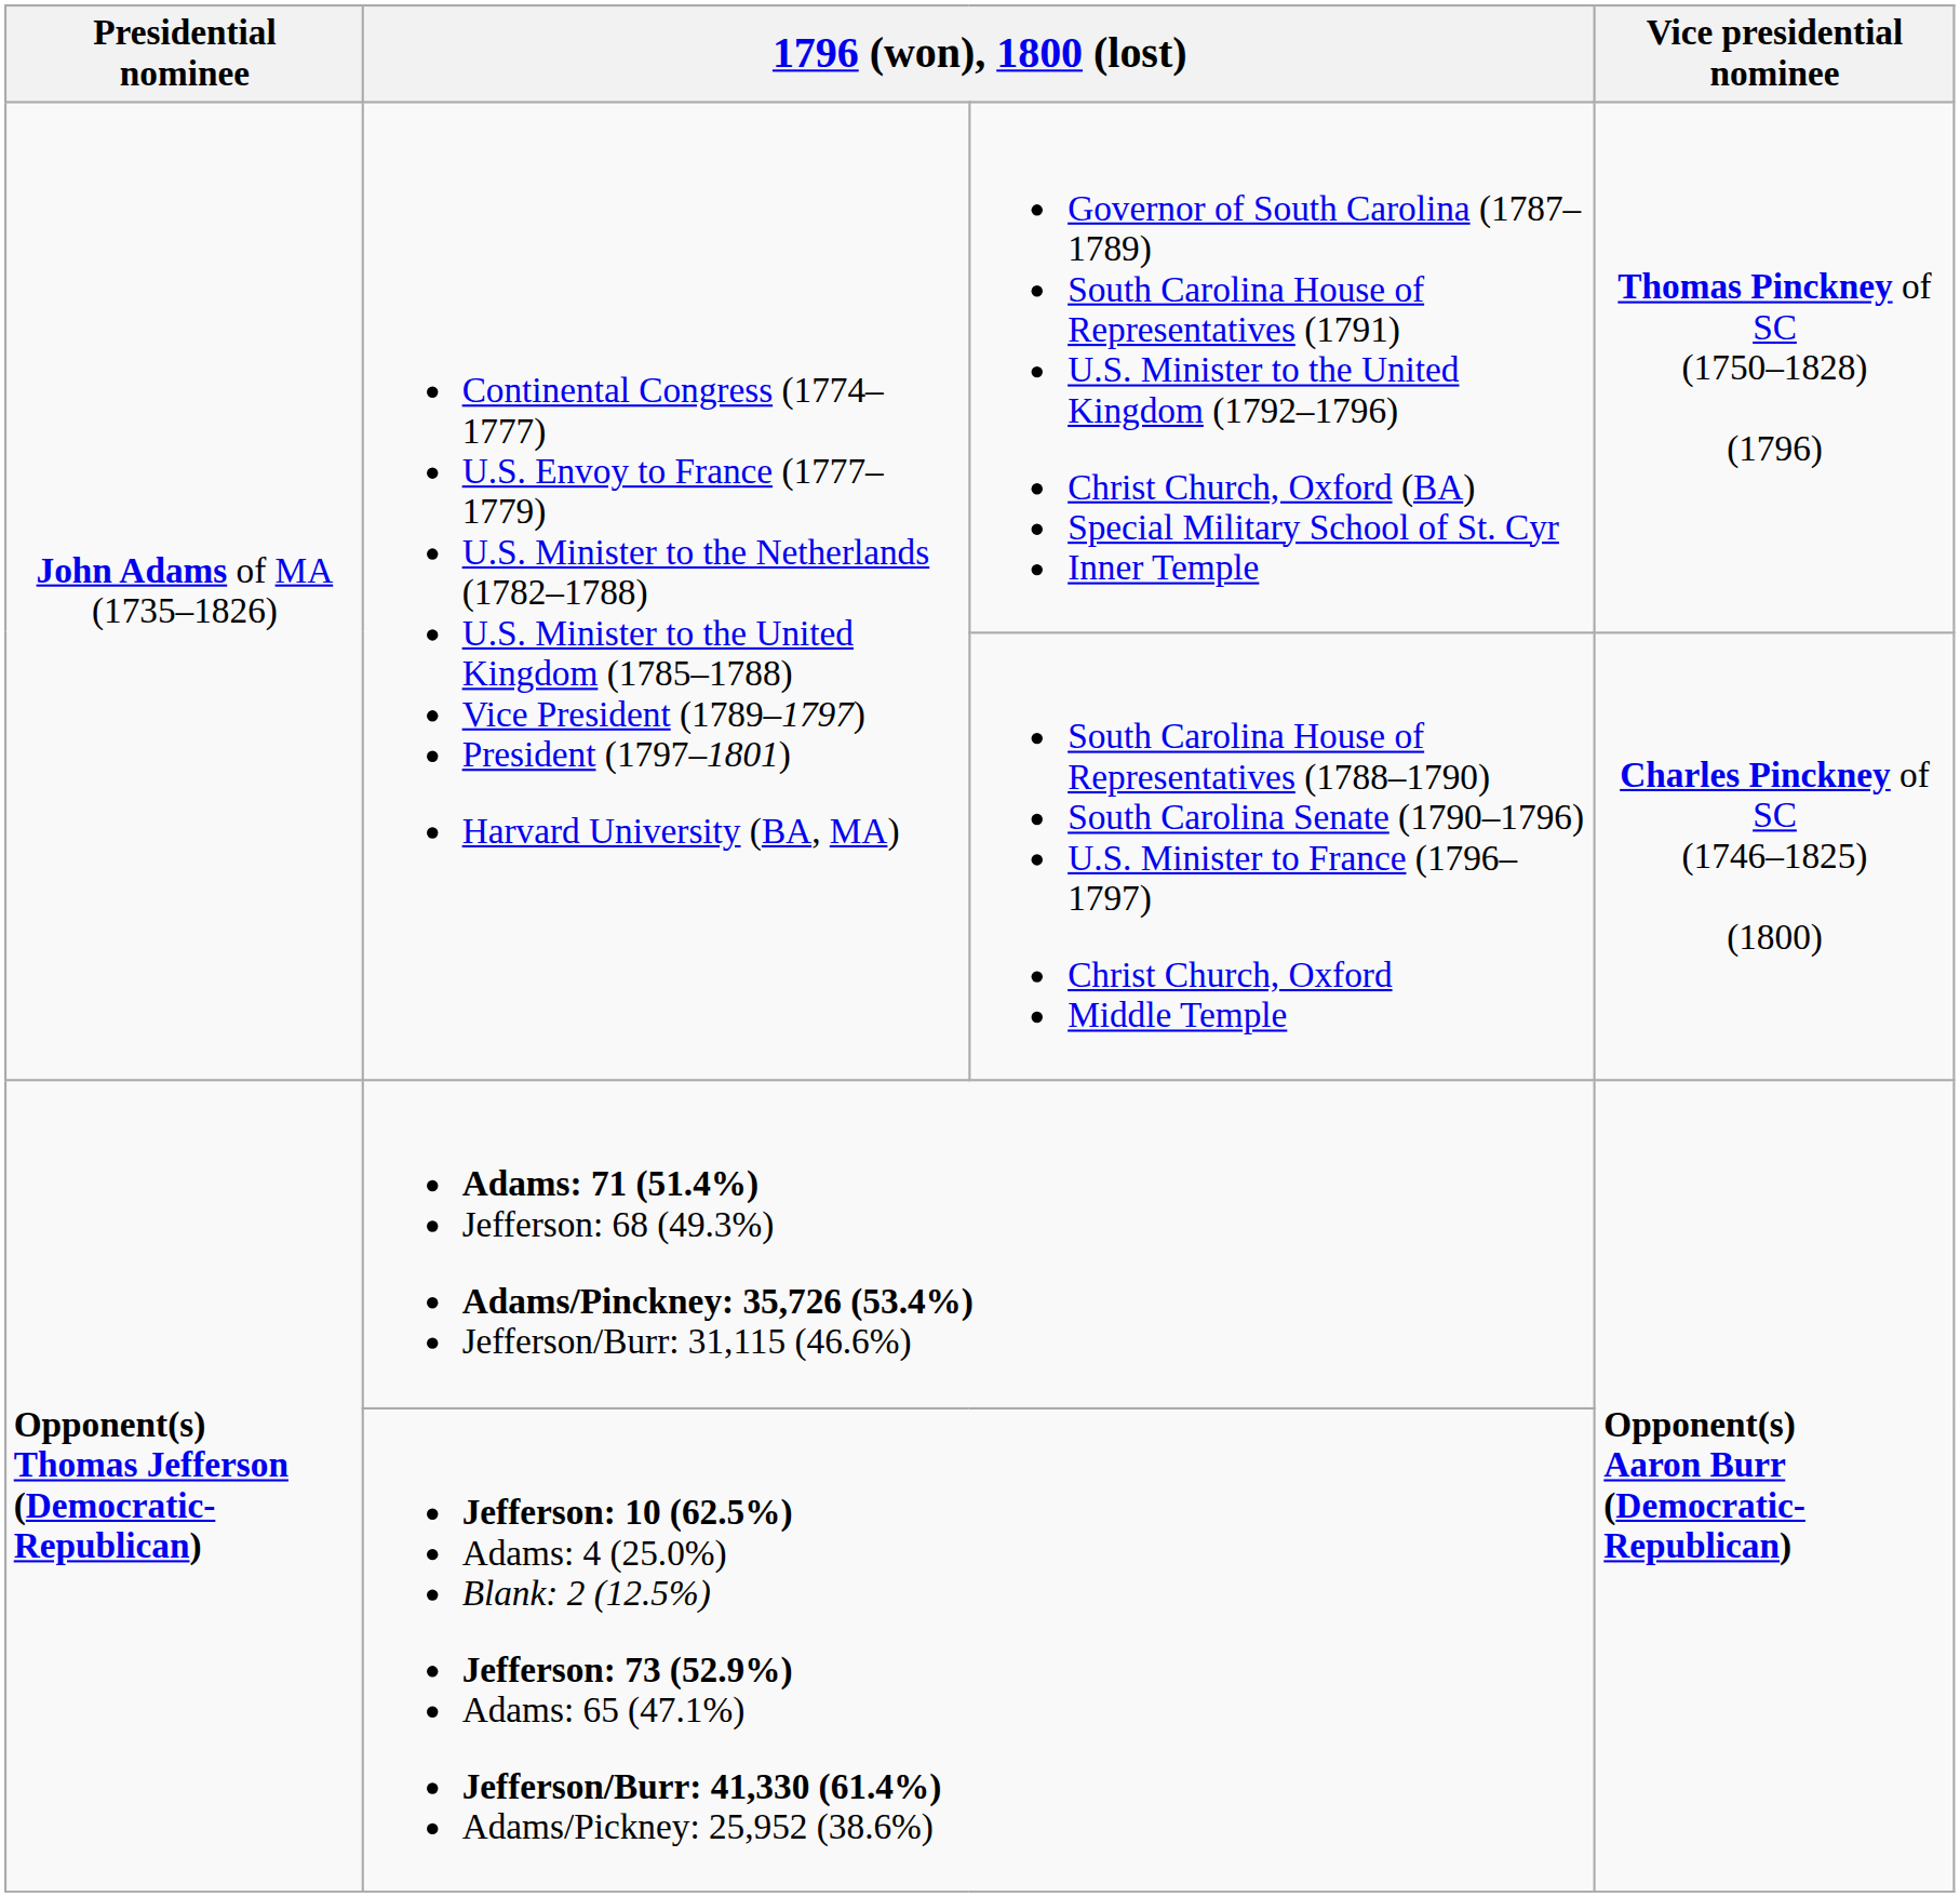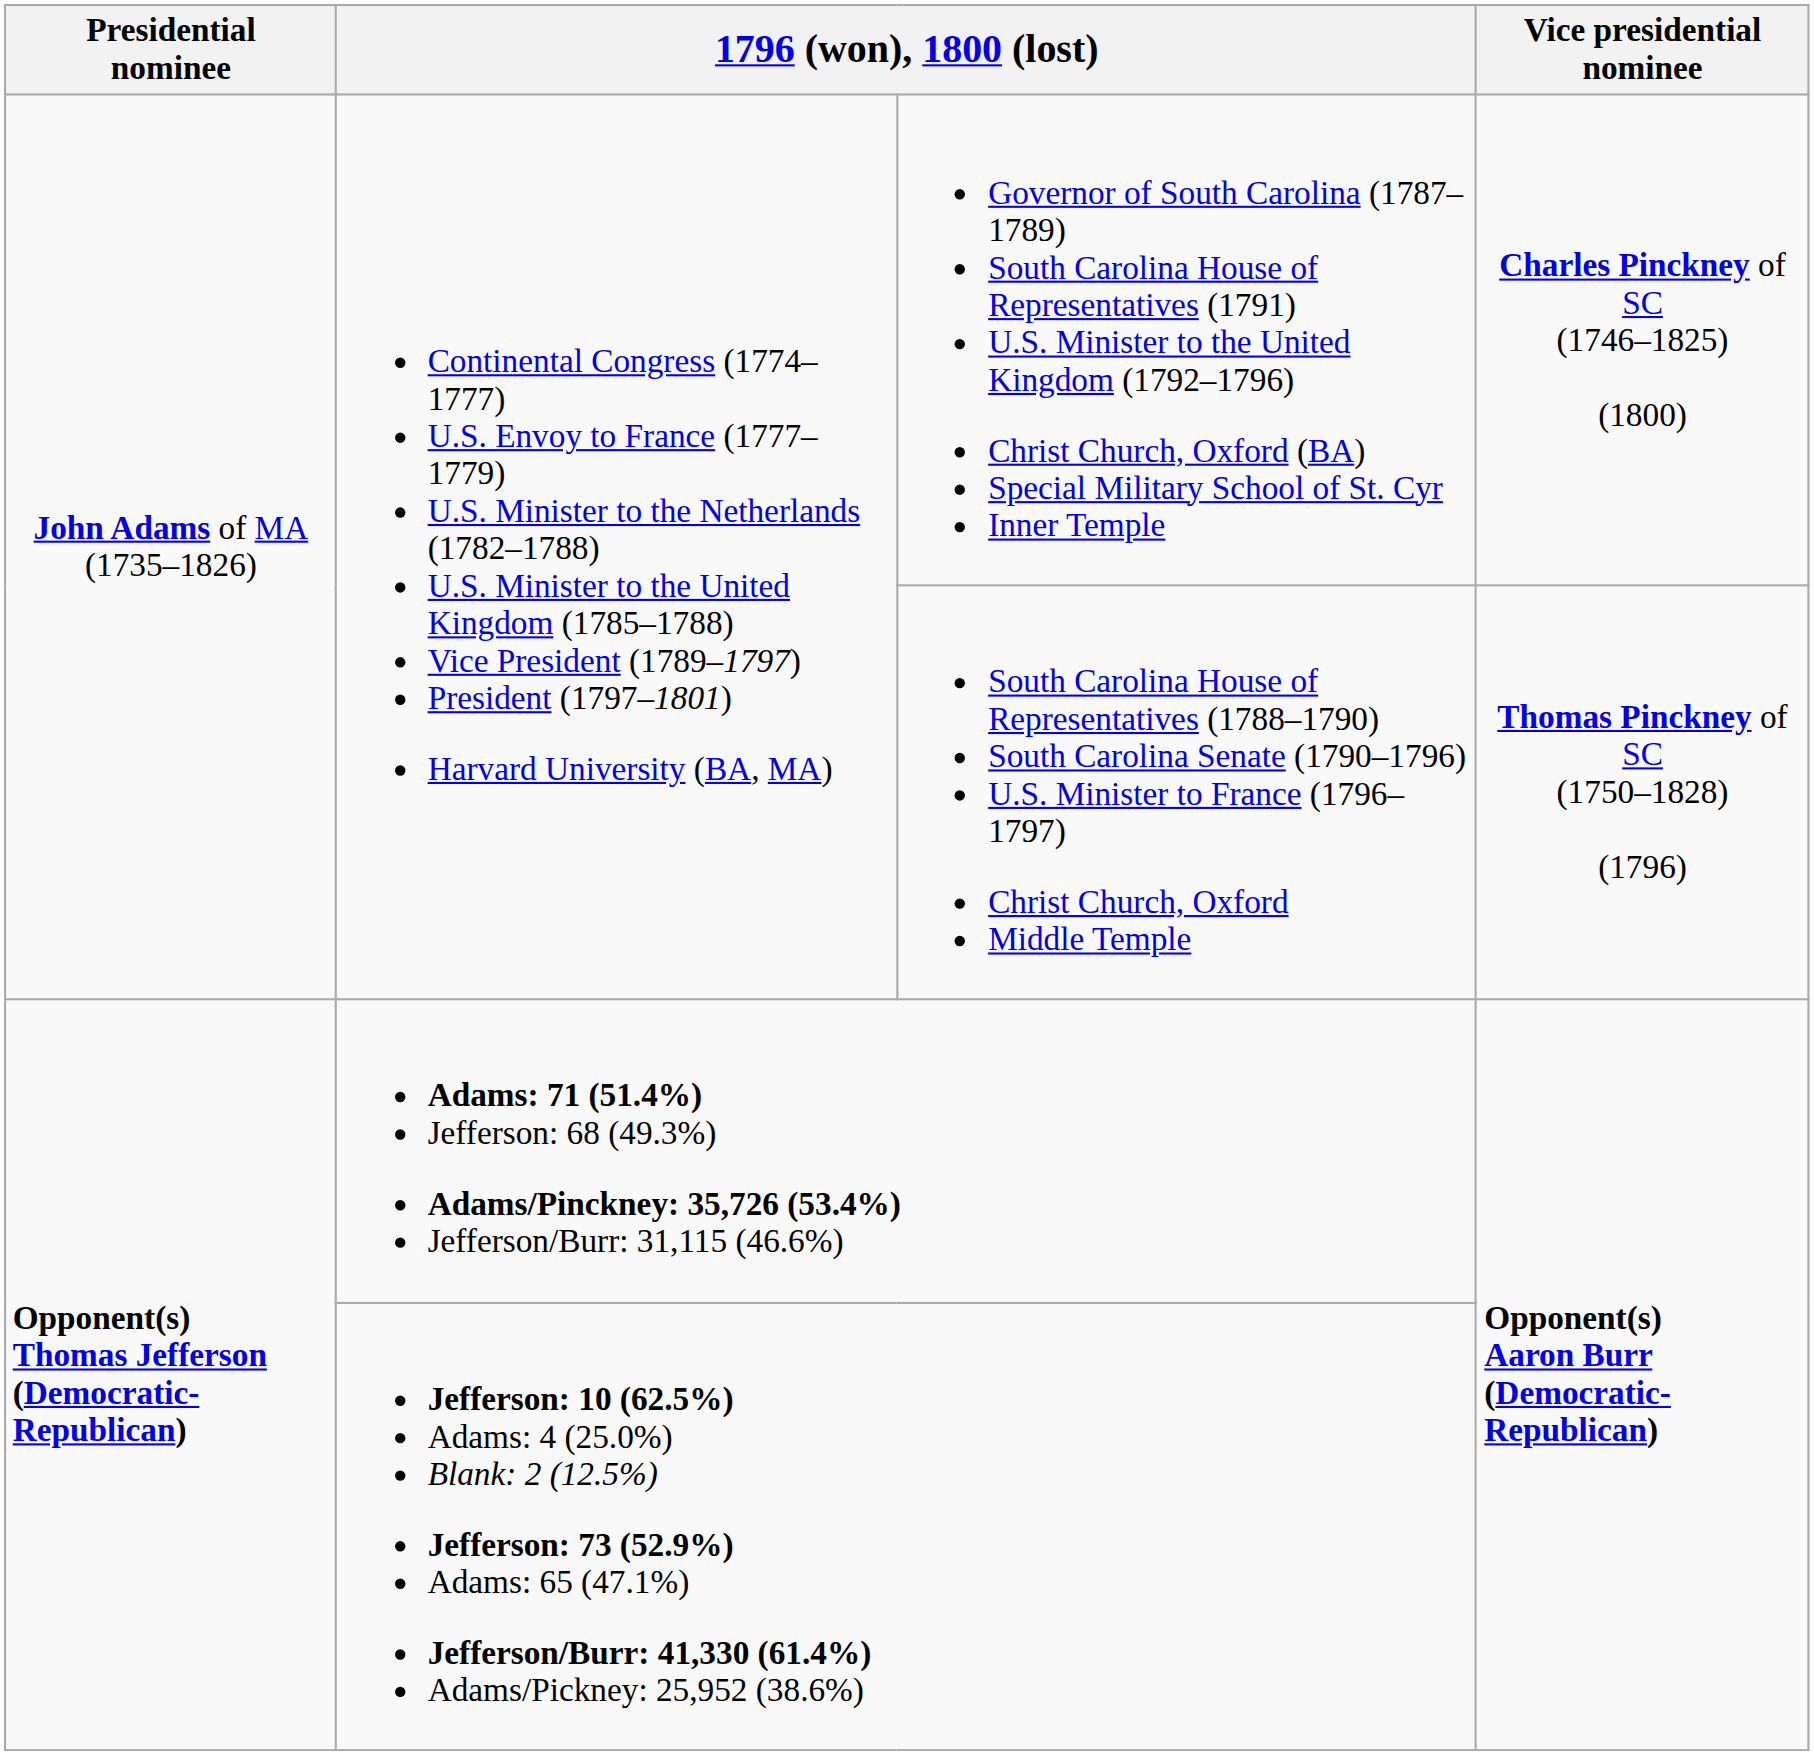 <table class="wikitable">
 <tr>
 <th width=190>Presidential<br>nominee</th>
 <th colspan=2><big><a href='#'>1796</a> (won), <a href='#'>1800</a> (lost)</big></th>
 <th width=190>Vice presidential<br>nominee</th>
 </tr>
 <tr>
 <td rowspan=2 style="text-align:center;"><strong><a href='#'>John Adams</a></strong> of <a href='#'>MA</a><br>(1735–1826)<br></td>
 <td rowspan=2 width=350><br><ul><li><a href='#'>Continental Congress</a> (1774–1777)</li><li><a href='#'>U.S. Envoy to France</a> (1777–1779)</li><li><a href='#'>U.S. Minister to the Netherlands</a> (1782–1788)</li><li><a href='#'>U.S. Minister to the United Kingdom</a> (1785–1788)</li><li><a href='#'>Vice President</a> (1789–<em>1797</em>)</li><li><a href='#'>President</a> (1797–<em>1801</em>)</li></ul><ul><li><a href='#'>Harvard University</a> (<a href='#'>BA</a>, <a href='#'>MA</a>)</li></ul></td>
 <td width=350><br><ul><li><a href='#'>Governor of South Carolina</a> (1787–1789)</li><li><a href='#'>South Carolina House of Representatives</a> (1791)</li><li><a href='#'>U.S. Minister to the United Kingdom</a> (1792–1796)</li></ul><ul><li><a href='#'>Christ Church, Oxford</a> (<a href='#'>BA</a>)</li><li><a href='#'>Special Military School of St. Cyr</a></li><li><a href='#'>Inner Temple</a></li></ul></td>
-<td style="text-align:center;"><strong><a href='#'>Thomas Pinckney</a></strong> of <a href='#'>SC</a><br>(1750–1828)<br><br>(1796)</td>
+<td style="text-align:center;"><strong><a href='#'>Charles Pinckney</a></strong> of <a href='#'>SC</a><br>(1746–1825)<br><br>(1800)</td>
 </tr>
 <tr>
 <td><br><ul><li><a href='#'>South Carolina House of Representatives</a> (1788–1790)</li><li><a href='#'>South Carolina Senate</a> (1790–1796)</li><li><a href='#'>U.S. Minister to France</a> (1796–1797)</li></ul><ul><li><a href='#'>Christ Church, Oxford</a></li><li><a href='#'>Middle Temple</a></li></ul></td>
-<td style="text-align:center;"><strong><a href='#'>Charles Pinckney</a></strong> of <a href='#'>SC</a><br>(1746–1825)<br><br>(1800)</td>
+<td style="text-align:center;"><strong><a href='#'>Thomas Pinckney</a></strong> of <a href='#'>SC</a><br>(1750–1828)<br><br>(1796)</td>
 </tr>
 <tr>
 <td rowspan=2><strong>Opponent(s)</strong><br><strong><a href='#'>Thomas Jefferson</a> (<a href='#'>Democratic-Republican</a>)</strong></td>
 <td colspan=2><br><ul><li><strong>Adams: 71 (51.4%)</strong></li><li>Jefferson: 68 (49.3%)</li></ul><ul><li><strong>Adams/Pinckney: 35,726 (53.4%)</strong></li><li>Jefferson/Burr: 31,115 (46.6%)</li></ul></td>
 <td rowspan=2><strong>Opponent(s)</strong><br><strong><a href='#'>Aaron Burr</a> (<a href='#'>Democratic-Republican</a>)</strong></td>
 </tr>
 <tr>
 <td colspan=2><br><ul><li><strong>Jefferson: 10 (62.5%)</strong></li><li>Adams: 4 (25.0%)</li><li><em>Blank: 2 (12.5%)</em></li></ul><ul><li><strong>Jefferson: 73 (52.9%)</strong></li><li>Adams: 65 (47.1%)</li></ul><ul><li><strong>Jefferson/Burr: 41,330 (61.4%)</strong></li><li>Adams/Pickney: 25,952 (38.6%)</li></ul></td>
 </tr>
 </table>
